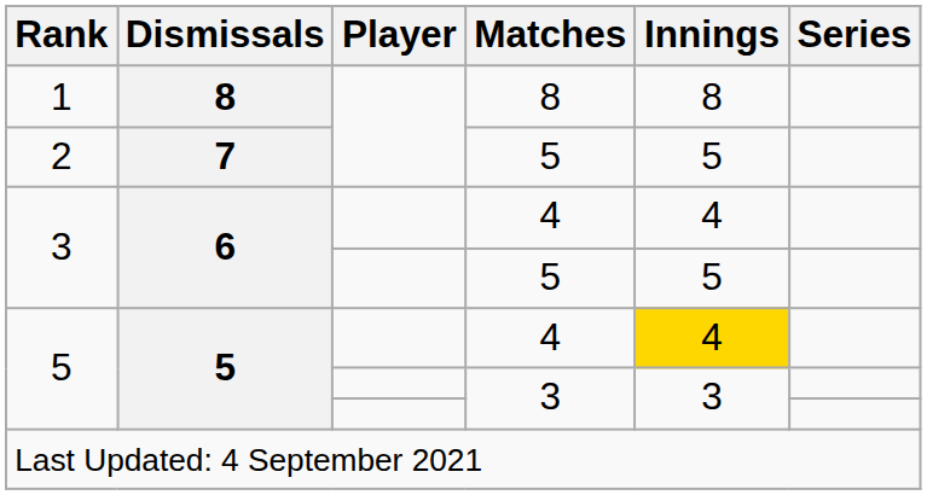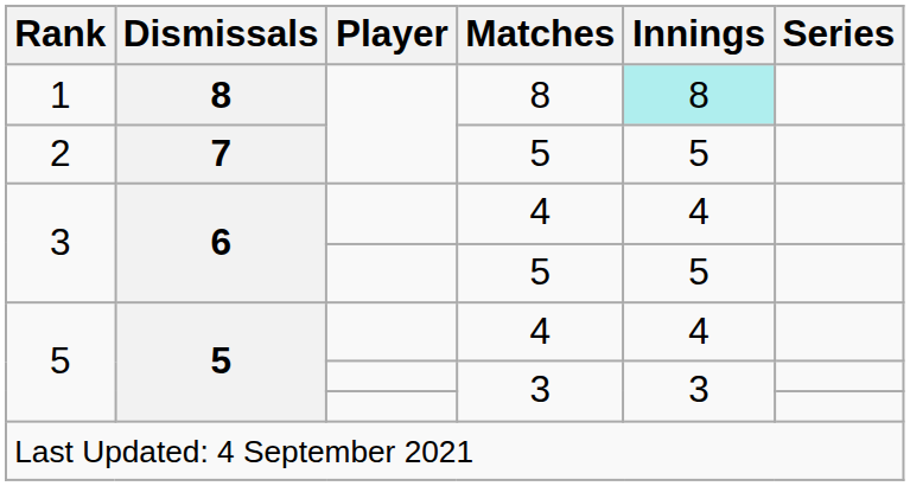 <table class="wikitable plainrowheaders sortable">
 <tr>
 <th scope=col>Rank</th>
 <th scope=col>Dismissals</th>
 <th scope=col>Player</th>
 <th scope=col>Matches</th>
 <th scope=col>Innings</th>
 <th scope=col>Series</th>
 </tr>
 <tr>
 <td align=center>1</td>
 <th scope=row style=text-align:center;>8</th>
 <td rowspan=2></td>
 <td align=center>8</td>
-<td align=center>8</td>
+<td align=center style="background: paleturquoise;">8</td>
 <td></td>
 </tr>
 <tr>
 <td align=center>2</td>
 <th scope=row style=text-align:center;>7</th>
 <td align=center>5</td>
 <td align=center>5</td>
 <td></td>
 </tr>
 <tr>
 <td align=center rowspan=2>3</td>
 <th scope=row style=text-align:center; rowspan=2>6</th>
 <td></td>
 <td align=center>4</td>
 <td align=center>4</td>
 <td></td>
 </tr>
 <tr>
 <td> </td>
 <td align=center>5</td>
 <td align=center>5</td>
 <td></td>
 </tr>
 <tr>
 <td align=center rowspan=3>5</td>
 <th scope=row style=text-align:center; rowspan=3>5</th>
 <td></td>
 <td align=center>4</td>
-<td align=center style="background: gold;">4</td>
+<td align=center>4</td>
 <td></td>
 </tr>
 <tr>
 <td></td>
 <td align=center rowspan=2>3</td>
 <td align=center rowspan=2>3</td>
 <td></td>
 </tr>
 <tr>
 <td> </td>
 <td></td>
 </tr>
 <tr class=sortbottom>
 <td colspan=6><small>Last Updated: 4 September 2021</small></td>
 </tr>
 </table>
